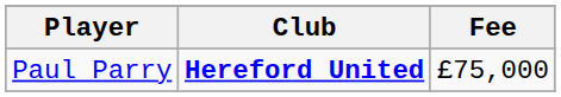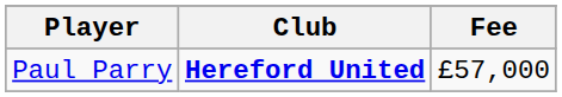 <table class="wikitable" style="text=align: center">
 <tr>
 </tr>
 <tr>
 <th>Player</th>
 <th>Club</th>
 <th>Fee</th>
 </tr>
 <tr>
 <td><a href='#'>Paul Parry</a></td>
 <td><strong><a href='#'>Hereford United</a></strong></td>
-<td>£75,000</td>
+<td>£57,000</td>
 </tr>
 </table>
